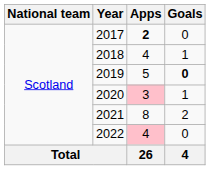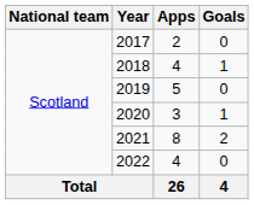 <table class="wikitable" style="text-align: center;">
 <tr>
 <th>National team</th>
 <th>Year</th>
 <th>Apps</th>
 <th>Goals</th>
 </tr>
 <tr>
 <td rowspan="6"><a href='#'>Scotland</a></td>
 <td>2017</td>
-<td><strong>2</strong></td>
+<td>2</td>
 <td>0</td>
 </tr>
 <tr>
 <td>2018</td>
 <td>4</td>
 <td>1</td>
 </tr>
 <tr>
 <td>2019</td>
 <td>5</td>
-<td><strong>0</strong></td>
+<td>0</td>
 </tr>
 <tr>
 <td>2020</td>
-<td style="background: pink;">3</td>
+<td>3</td>
 <td>1</td>
 </tr>
 <tr>
 <td>2021</td>
 <td>8</td>
 <td>2</td>
 </tr>
 <tr>
 <td>2022</td>
-<td style="background: pink;">4</td>
+<td>4</td>
 <td>0</td>
 </tr>
 <tr>
 <th colspan="2">Total</th>
 <th>26</th>
 <th>4</th>
 </tr>
 </table>
